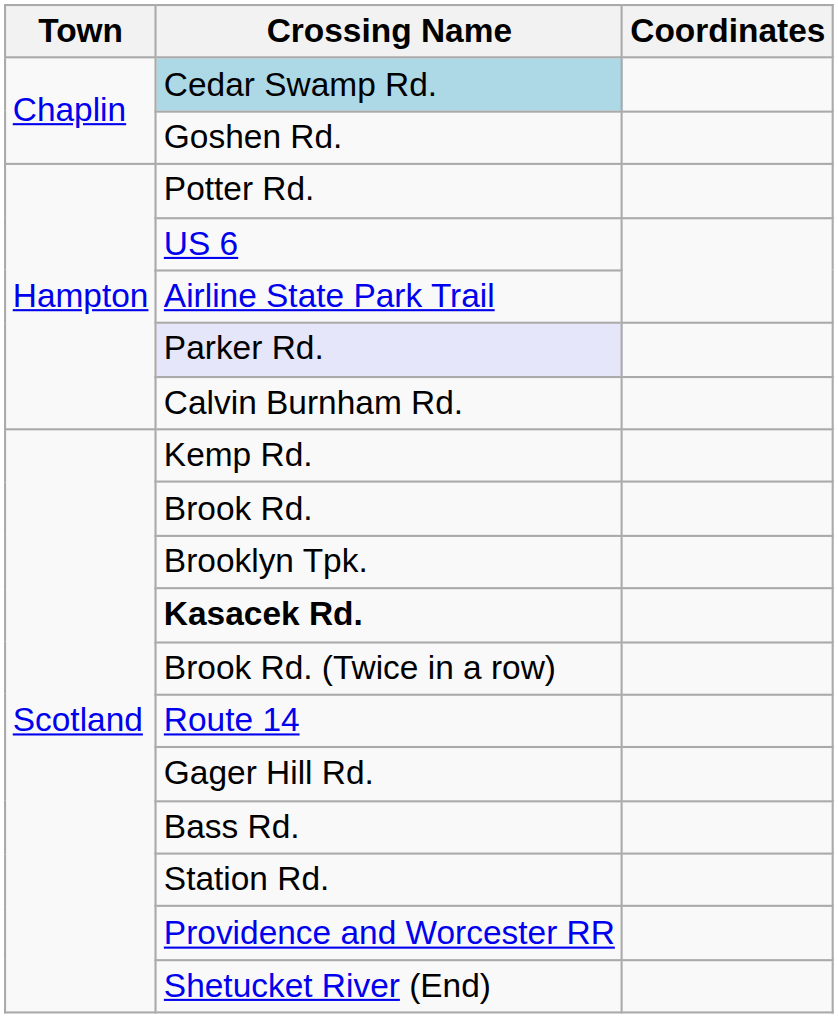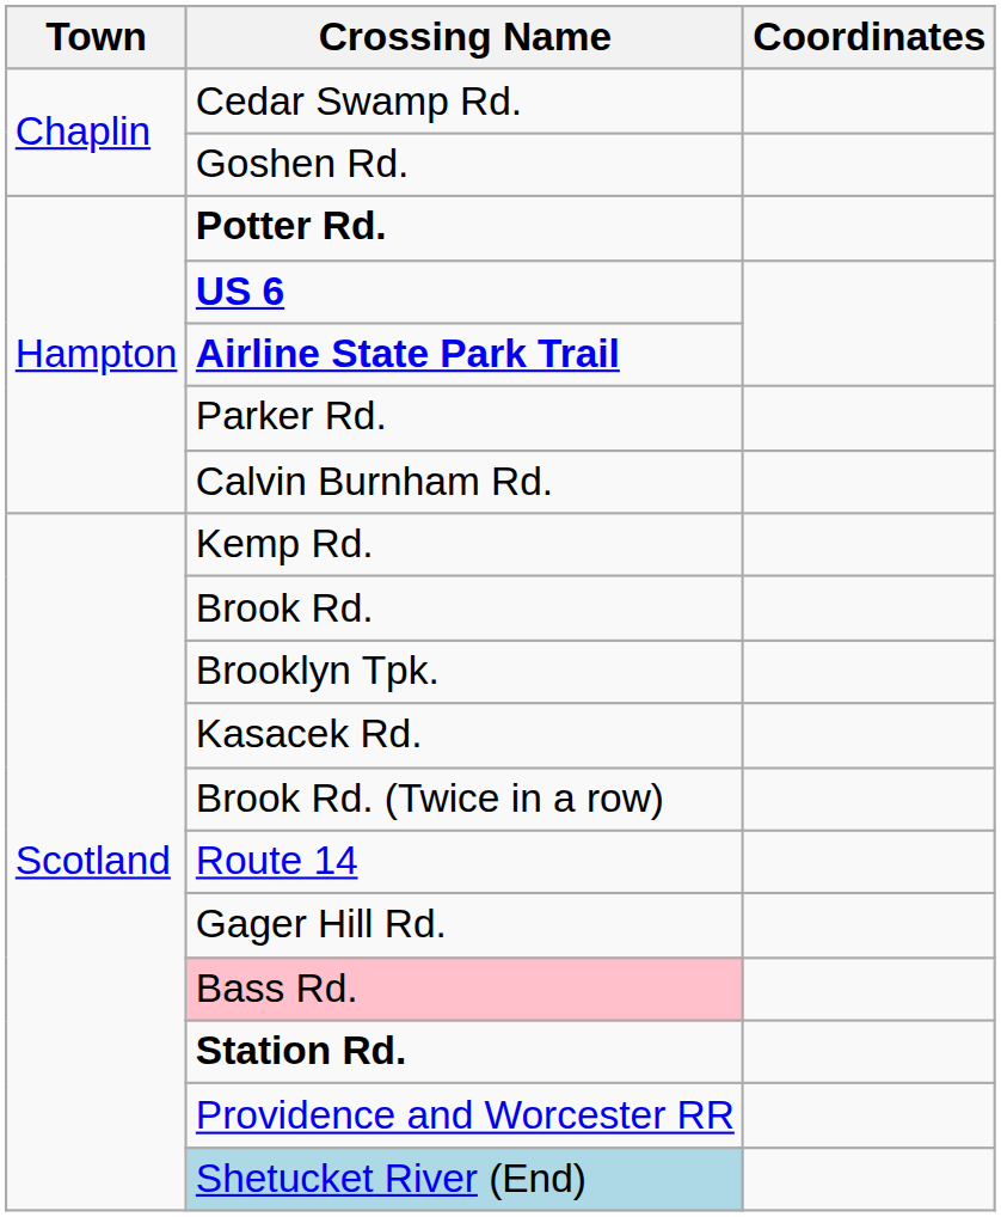 <table class="wikitable">
 <tr>
 <th>Town</th>
 <th>Crossing Name</th>
 <th>Coordinates</th>
 </tr>
 <tr>
 <td rowspan="2"><a href='#'>Chaplin</a></td>
-<td style="background: lightblue;">Cedar Swamp Rd.</td>
+<td>Cedar Swamp Rd.</td>
 <td></td>
 </tr>
 <tr>
 <td>Goshen Rd.</td>
 <td></td>
 </tr>
 <tr>
 <td rowspan="5"><a href='#'>Hampton</a></td>
-<td>Potter Rd.</td>
+<td><strong>Potter Rd.</strong></td>
 <td></td>
 </tr>
 <tr>
-<td> <a href='#'>US 6</a></td>
+<td><strong> <a href='#'>US 6</a></strong></td>
 <td rowspan="2"></td>
 </tr>
 <tr>
-<td><a href='#'>Airline State Park Trail</a></td>
+<td><strong><a href='#'>Airline State Park Trail</a></strong></td>
 </tr>
 <tr>
-<td style="background: lavender;">Parker Rd.</td>
+<td>Parker Rd.</td>
 <td></td>
 </tr>
 <tr>
 <td>Calvin Burnham Rd.</td>
 <td></td>
 </tr>
 <tr>
 <td rowspan="11"><a href='#'>Scotland</a></td>
 <td>Kemp Rd.</td>
 <td></td>
 </tr>
 <tr>
 <td>Brook Rd.</td>
 <td></td>
 </tr>
 <tr>
 <td>Brooklyn Tpk.</td>
 <td></td>
 </tr>
 <tr>
-<td><strong>Kasacek Rd.</strong></td>
+<td>Kasacek Rd.</td>
 <td></td>
 </tr>
 <tr>
 <td>Brook Rd. (Twice in a row)</td>
 <td><br></td>
 </tr>
 <tr>
 <td> <a href='#'>Route 14</a></td>
 <td></td>
 </tr>
 <tr>
 <td>Gager Hill Rd.</td>
 <td></td>
 </tr>
 <tr>
-<td>Bass Rd.</td>
+<td style="background: pink;">Bass Rd.</td>
 <td></td>
 </tr>
 <tr>
-<td>Station Rd.</td>
+<td><strong>Station Rd.</strong></td>
 <td></td>
 </tr>
 <tr>
 <td><a href='#'>Providence and Worcester RR</a></td>
 <td></td>
 </tr>
 <tr>
-<td><a href='#'>Shetucket River</a> (End)</td>
+<td style="background: lightblue;"><a href='#'>Shetucket River</a> (End)</td>
 <td></td>
 </tr>
 </table>
